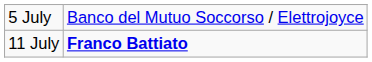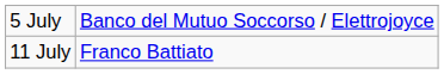 <table class="wikitable">
 <tr>
 <td>5 July</td>
 <td><a href='#'>Banco del Mutuo Soccorso</a> / <a href='#'>Elettrojoyce</a></td>
 </tr>
 <tr>
 <td>11 July</td>
-<td><strong><a href='#'>Franco Battiato</a></strong></td>
+<td><a href='#'>Franco Battiato</a></td>
 </tr>
 </table>
